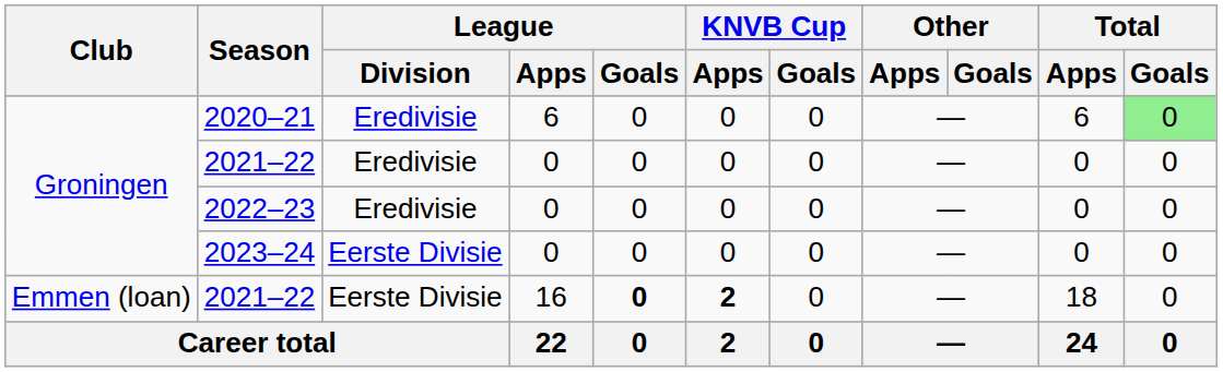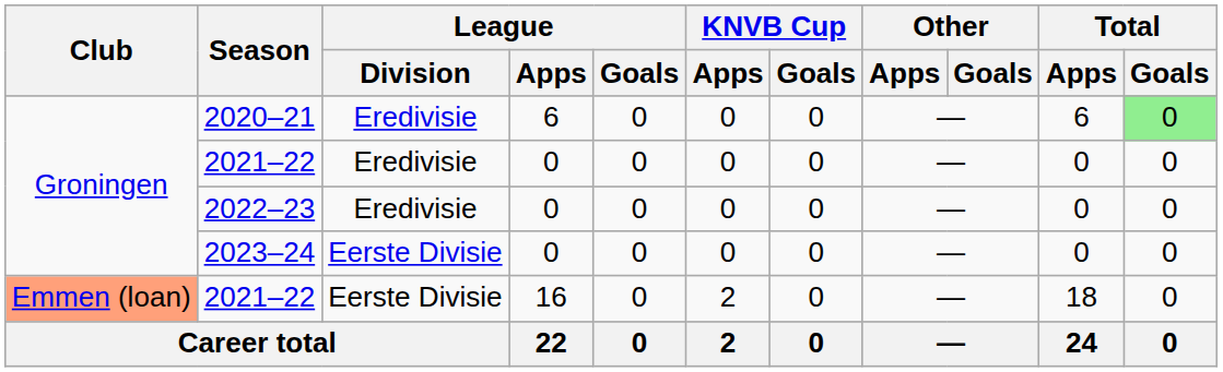 <table class="wikitable" style="text-align:center">
 <tr>
 <th rowspan="2">Club</th>
 <th rowspan="2">Season</th>
 <th colspan="3">League</th>
 <th colspan="2"><a href='#'>KNVB Cup</a></th>
 <th colspan="2">Other</th>
 <th colspan="2">Total</th>
 </tr>
 <tr>
 <th>Division</th>
 <th>Apps</th>
 <th>Goals</th>
 <th>Apps</th>
 <th>Goals</th>
 <th>Apps</th>
 <th>Goals</th>
 <th>Apps</th>
 <th>Goals</th>
 </tr>
 <tr>
 <td rowspan="4"><a href='#'>Groningen</a></td>
 <td><a href='#'>2020–21</a></td>
 <td><a href='#'>Eredivisie</a></td>
 <td>6</td>
 <td>0</td>
 <td>0</td>
 <td>0</td>
 <td colspan="2">—</td>
 <td>6</td>
 <td style="background: lightgreen;">0</td>
 </tr>
 <tr>
 <td><a href='#'>2021–22</a></td>
 <td>Eredivisie</td>
 <td>0</td>
 <td>0</td>
 <td>0</td>
 <td>0</td>
 <td colspan="2">—</td>
 <td>0</td>
 <td>0</td>
 </tr>
 <tr>
 <td><a href='#'>2022–23</a></td>
 <td>Eredivisie</td>
 <td>0</td>
 <td>0</td>
 <td>0</td>
 <td>0</td>
 <td colspan="2">—</td>
 <td>0</td>
 <td>0</td>
 </tr>
 <tr>
 <td><a href='#'>2023–24</a></td>
 <td><a href='#'>Eerste Divisie</a></td>
 <td>0</td>
 <td>0</td>
 <td>0</td>
 <td>0</td>
 <td colspan="2">—</td>
 <td>0</td>
 <td>0</td>
 </tr>
 <tr>
-<td><a href='#'>Emmen</a> (loan)</td>
+<td style="background: lightsalmon;"><a href='#'>Emmen</a> (loan)</td>
 <td><a href='#'>2021–22</a></td>
 <td>Eerste Divisie</td>
 <td>16</td>
-<td><strong>0</strong></td>
-<td><strong>2</strong></td>
+<td>0</td>
+<td>2</td>
 <td>0</td>
 <td colspan="2">—</td>
 <td>18</td>
 <td>0</td>
 </tr>
 <tr>
 <th colspan="3">Career total</th>
 <th>22</th>
 <th>0</th>
 <th>2</th>
 <th>0</th>
 <th colspan="2">—</th>
 <th>24</th>
 <th>0</th>
 </tr>
 </table>
